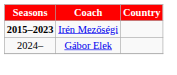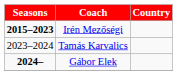 <table class="wikitable" style="text-align: center">
 <tr>
 <th style="color:white; background:#FF0000">Seasons</th>
 <th style="color:white; background:#FF0000">Coach</th>
 <th style="color:white; background:#FF0000">Country</th>
 </tr>
 <tr>
 <td style="text-align: center"><strong>2015–2023</strong></td>
 <td style="text-align: center"><a href='#'>Irén Mezőségi</a></td>
 <td style="text-align: center"></td>
 </tr>
 <tr>
-<td style="text-align: center">2024–</td>
+<td style="text-align: center">2023–2024</td>
+<td style="text-align: center"><a href='#'>Tamás Karvalics</a></td>
+<td style="text-align: center"></td>
+</tr>
+<tr>
+<td style="text-align: center"><strong>2024–</strong></td>
 <td style="text-align: center"><a href='#'>Gábor Elek</a></td>
 <td style="text-align: center"></td>
 </tr>
 <tr>
 </tr>
 </table>
